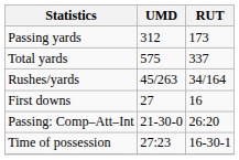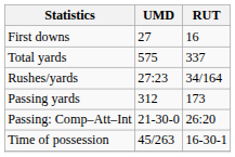 <table class="wikitable" style="float: left;">
 <tr>
 <th>Statistics</th>
 <th>UMD</th>
 <th>RUT</th>
 </tr>
 <tr>
-<td>Passing yards</td>
-<td>312</td>
-<td>173</td>
+<td>First downs</td>
+<td>27</td>
+<td>16</td>
 </tr>
 <tr>
 <td>Total yards</td>
 <td>575</td>
 <td>337</td>
 </tr>
 <tr>
 <td>Rushes/yards</td>
-<td>45/263</td>
+<td>27:23</td>
 <td>34/164</td>
 </tr>
 <tr>
-<td>First downs</td>
-<td>27</td>
-<td>16</td>
+<td>Passing yards</td>
+<td>312</td>
+<td>173</td>
 </tr>
 <tr>
 <td>Passing: Comp–Att–Int</td>
 <td>21-30-0</td>
 <td>26:20</td>
 </tr>
 <tr>
 <td>Time of possession</td>
-<td>27:23</td>
+<td>45/263</td>
 <td>16-30-1</td>
 </tr>
 <tr>
 </tr>
 </table>
